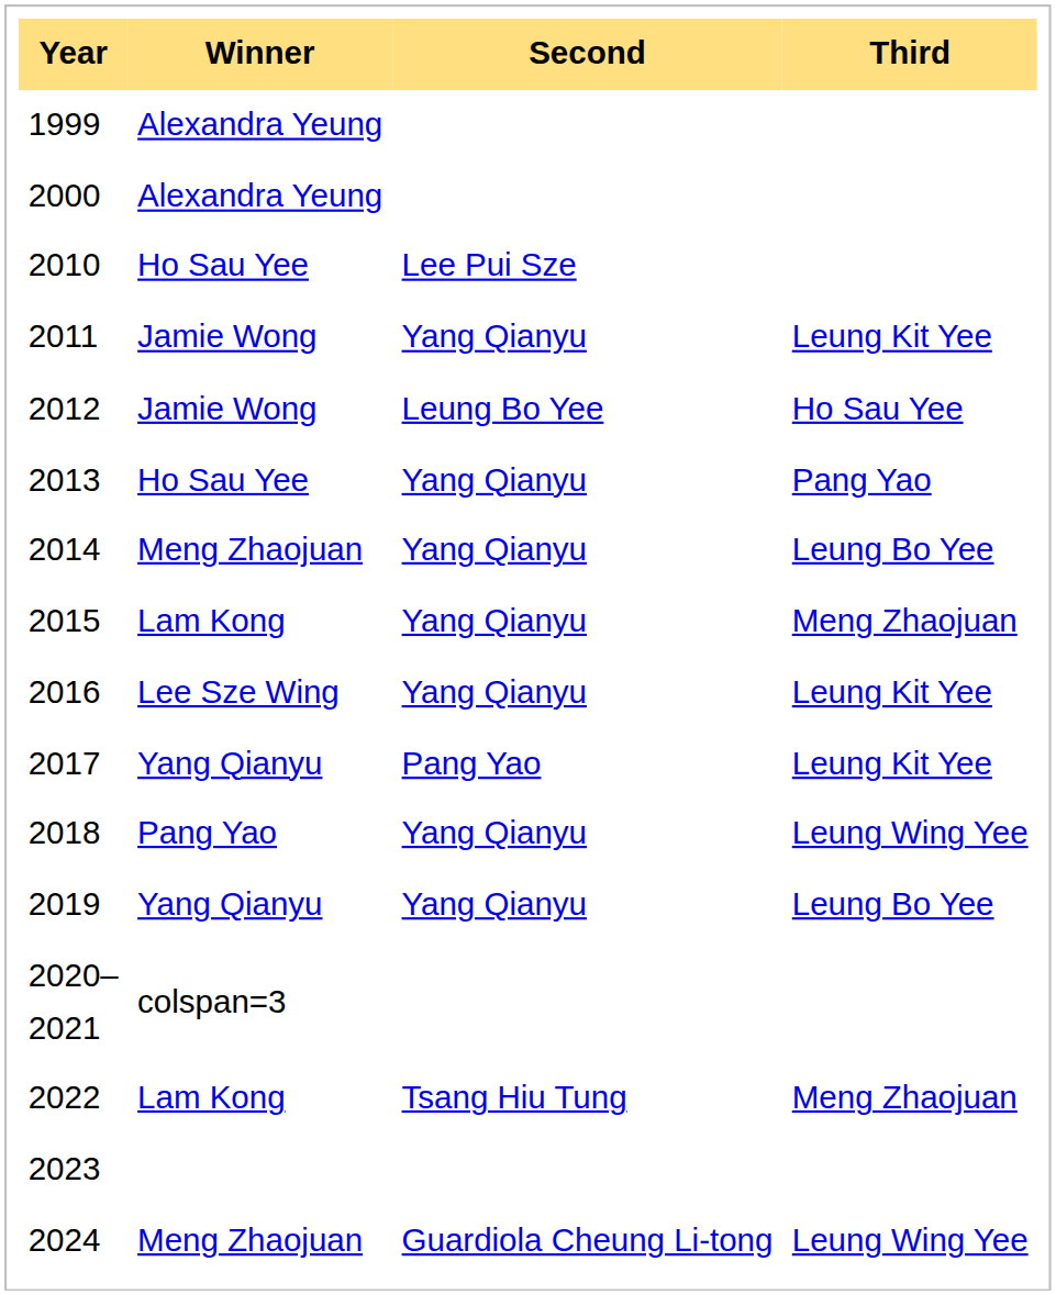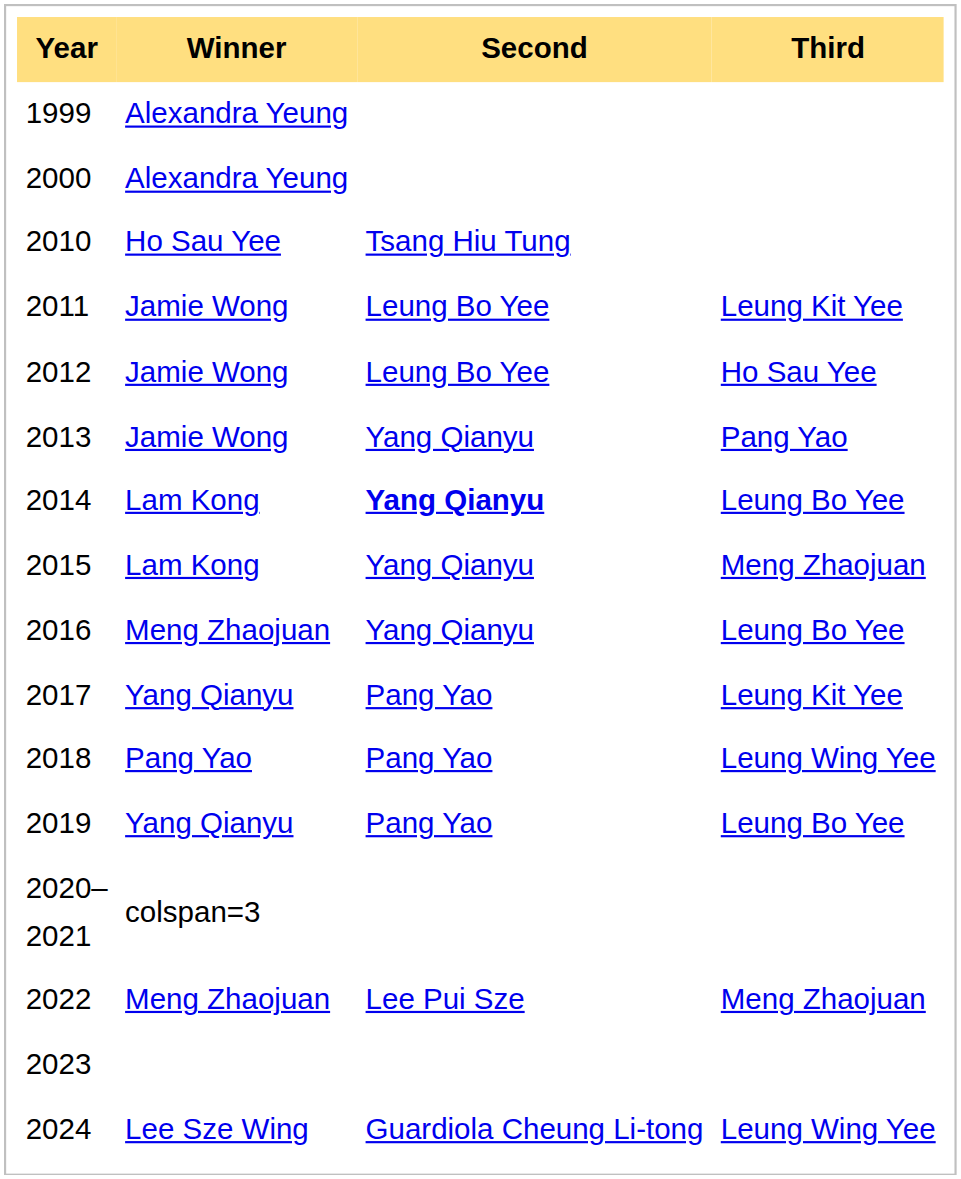 <table cellpadding="4" cellspacing="0"  style="border: 1px solid silver; color: black; margin: 0 0 0.5em 0; background-color: white; padding: 5px; text-align: left; font-size:85%; vertical-align: top; line-height:1.6em;">
 <tr>
 <th scope=col; align="center" bgcolor="FFDF80">Year</th>
 <th scope=col; align="center" bgcolor="FFDF80">Winner</th>
 <th scope=col; align="center" bgcolor="FFDF80">Second</th>
 <th scope=col; align="center" bgcolor="FFDF80">Third</th>
 </tr>
 <tr>
 <td>1999</td>
 <td><a href='#'>Alexandra Yeung</a></td>
 <td></td>
 <td></td>
 </tr>
 <tr>
 <td>2000</td>
 <td><a href='#'>Alexandra Yeung</a></td>
 <td></td>
 <td></td>
 </tr>
 <tr>
 <td>2010</td>
 <td><a href='#'>Ho Sau Yee</a></td>
-<td><a href='#'>Lee Pui Sze</a></td>
+<td><a href='#'>Tsang Hiu Tung</a></td>
 <td></td>
 </tr>
 <tr>
 <td>2011</td>
 <td><a href='#'>Jamie Wong</a></td>
-<td><a href='#'>Yang Qianyu</a></td>
+<td><a href='#'>Leung Bo Yee</a></td>
 <td><a href='#'>Leung Kit Yee</a></td>
 </tr>
 <tr>
 <td>2012</td>
 <td><a href='#'>Jamie Wong</a></td>
 <td><a href='#'>Leung Bo Yee</a></td>
 <td><a href='#'>Ho Sau Yee</a></td>
 </tr>
 <tr>
 <td>2013</td>
-<td><a href='#'>Ho Sau Yee</a></td>
+<td><a href='#'>Jamie Wong</a></td>
 <td><a href='#'>Yang Qianyu</a></td>
 <td><a href='#'>Pang Yao</a></td>
 </tr>
 <tr>
 <td>2014</td>
-<td><a href='#'>Meng Zhaojuan</a></td>
-<td><a href='#'>Yang Qianyu</a></td>
+<td><a href='#'>Lam Kong</a></td>
+<td><strong><a href='#'>Yang Qianyu</a></strong></td>
 <td><a href='#'>Leung Bo Yee</a></td>
 </tr>
 <tr>
 <td>2015</td>
 <td><a href='#'>Lam Kong</a></td>
 <td><a href='#'>Yang Qianyu</a></td>
 <td><a href='#'>Meng Zhaojuan</a></td>
 </tr>
 <tr>
 <td>2016</td>
-<td><a href='#'>Lee Sze Wing</a></td>
+<td><a href='#'>Meng Zhaojuan</a></td>
 <td><a href='#'>Yang Qianyu</a></td>
-<td><a href='#'>Leung Kit Yee</a></td>
+<td><a href='#'>Leung Bo Yee</a></td>
 </tr>
 <tr>
 <td>2017</td>
 <td><a href='#'>Yang Qianyu</a></td>
 <td><a href='#'>Pang Yao</a></td>
 <td><a href='#'>Leung Kit Yee</a></td>
 </tr>
 <tr>
 <td>2018</td>
 <td><a href='#'>Pang Yao</a></td>
-<td><a href='#'>Yang Qianyu</a></td>
+<td><a href='#'>Pang Yao</a></td>
 <td><a href='#'>Leung Wing Yee</a></td>
 </tr>
 <tr>
 <td>2019</td>
 <td><a href='#'>Yang Qianyu</a></td>
-<td><a href='#'>Yang Qianyu</a></td>
+<td><a href='#'>Pang Yao</a></td>
 <td><a href='#'>Leung Bo Yee</a></td>
 </tr>
 <tr>
 <td>2020–<br>2021</td>
 <td>colspan=3 </td>
 </tr>
 <tr>
 <td>2022</td>
-<td><a href='#'>Lam Kong</a></td>
-<td><a href='#'>Tsang Hiu Tung</a></td>
+<td><a href='#'>Meng Zhaojuan</a></td>
+<td><a href='#'>Lee Pui Sze</a></td>
 <td><a href='#'>Meng Zhaojuan</a></td>
 </tr>
 <tr>
 <td>2023</td>
 <td></td>
 <td></td>
 <td></td>
 </tr>
 <tr>
 <td>2024</td>
-<td><a href='#'>Meng Zhaojuan</a></td>
+<td><a href='#'>Lee Sze Wing</a></td>
 <td><a href='#'>Guardiola Cheung Li-tong</a></td>
 <td><a href='#'>Leung Wing Yee</a></td>
 </tr>
 </table>
